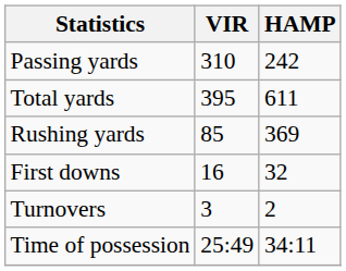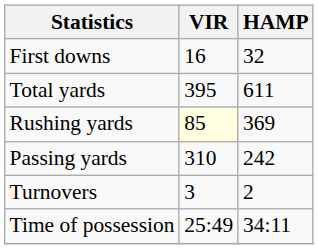 <table class="wikitable" style="float: left;">
 <tr>
 <th>Statistics</th>
 <th>VIR</th>
 <th>HAMP</th>
 </tr>
 <tr>
-<td>Passing yards</td>
-<td>310</td>
-<td>242</td>
+<td>First downs</td>
+<td>16</td>
+<td>32</td>
 </tr>
 <tr>
 <td>Total yards</td>
 <td>395</td>
 <td>611</td>
 </tr>
 <tr>
 <td>Rushing yards</td>
-<td>85</td>
+<td style="background: lightyellow;">85</td>
 <td>369</td>
 </tr>
 <tr>
-<td>First downs</td>
-<td>16</td>
-<td>32</td>
+<td>Passing yards</td>
+<td>310</td>
+<td>242</td>
 </tr>
 <tr>
 <td>Turnovers</td>
 <td>3</td>
 <td>2</td>
 </tr>
 <tr>
 <td>Time of possession</td>
 <td>25:49</td>
 <td>34:11</td>
 </tr>
 <tr>
 </tr>
 </table>
